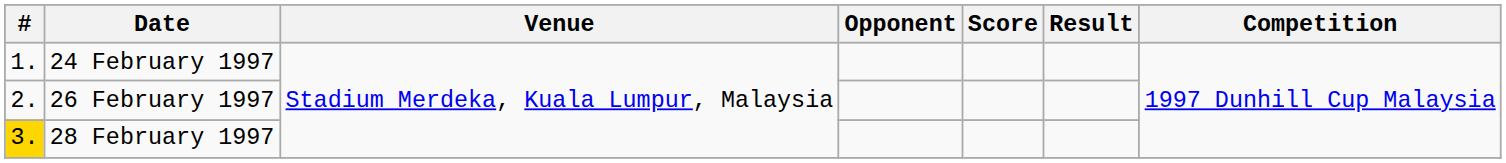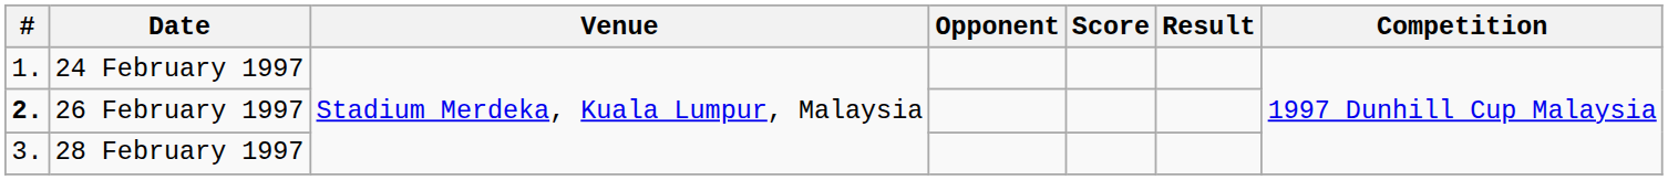 <table class="wikitable collapsed">
 <tr>
 <th>#</th>
 <th>Date</th>
 <th>Venue</th>
 <th>Opponent</th>
 <th>Score</th>
 <th>Result</th>
 <th>Competition</th>
 </tr>
 <tr>
 <td>1.</td>
 <td>24 February 1997</td>
 <td rowspan="3"><a href='#'>Stadium Merdeka</a>, <a href='#'>Kuala Lumpur</a>, Malaysia</td>
 <td></td>
 <td></td>
 <td></td>
 <td rowspan="3"><a href='#'>1997 Dunhill Cup Malaysia</a></td>
 </tr>
 <tr>
-<td>2.</td>
+<td><strong>2.</strong></td>
 <td>26 February 1997</td>
 <td></td>
 <td></td>
 <td></td>
 </tr>
 <tr>
-<td style="background: gold;">3.</td>
+<td>3.</td>
 <td>28 February 1997</td>
 <td></td>
 <td></td>
 <td></td>
 </tr>
 </table>
